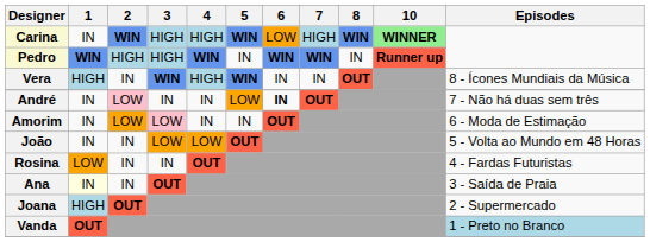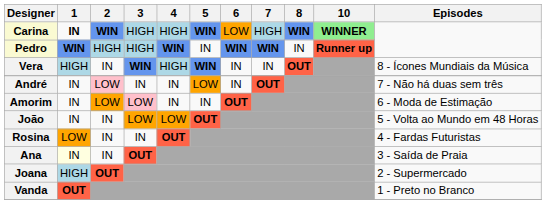 <table class="wikitable" style="text-align:center">
 <tr>
 <th>Designer</th>
 <th>1</th>
 <th>2</th>
 <th>3</th>
 <th>4</th>
 <th>5</th>
 <th>6</th>
 <th>7</th>
 <th>8 </th>
 <th>10</th>
 <th>Episodes</th>
 </tr>
 <tr>
 <th style="background:#FAFAD2;"><strong>Carina</strong></th>
-<td>IN</td>
+<td><strong>IN</strong></td>
 <td bgcolor="cornflowerblue"><strong>WIN</strong></td>
 <td bgcolor="lightblue">HIGH</td>
 <td bgcolor="lightblue">HIGH</td>
 <td bgcolor="cornflowerblue"><strong>WIN</strong></td>
 <td bgcolor="orange">LOW</td>
 <td bgcolor="lightblue">HIGH</td>
 <td bgcolor="cornflowerblue"><strong>WIN</strong></td>
 <td style="background:lightgreen;"><strong>WINNER</strong></td>
 <td style="text-align:left" rowspan="2"></td>
 </tr>
 <tr>
 <th style="background:#FAFAD2;"><strong>Pedro</strong></th>
 <td bgcolor="cornflowerblue"><strong>WIN</strong></td>
 <td bgcolor="lightblue">HIGH</td>
 <td style="background:lightblue;">HIGH</td>
 <td bgcolor="cornflowerblue"><strong>WIN</strong></td>
 <td>IN</td>
 <td bgcolor="cornflowerblue"><strong>WIN</strong></td>
 <td bgcolor="cornflowerblue"><strong>WIN</strong></td>
 <td>IN</td>
 <td bgcolor="tomato"><strong>Runner up</strong></td>
 </tr>
 <tr>
 <th><strong>Vera</strong></th>
 <td bgcolor="lightblue">HIGH</td>
 <td>IN</td>
 <td bgcolor="cornflowerblue"><strong>WIN</strong></td>
 <td bgcolor="lightblue">HIGH</td>
 <td bgcolor="cornflowerblue"><strong>WIN</strong></td>
 <td>IN</td>
 <td>IN</td>
 <td bgcolor="tomato"><strong>OUT</strong></td>
 <td COLSPAN=1 style="background:darkgray;"></td>
 <td style="text-align:left">8 - Ícones Mundiais da Música</td>
 </tr>
 <tr || ||>
 </tr>
 <tr>
 <th><strong>André</strong></th>
 <td>IN</td>
 <td style="background:pink;">LOW</td>
 <td>IN</td>
 <td>IN</td>
 <td bgcolor="orange">LOW</td>
-<td><strong>IN</strong></td>
+<td>IN</td>
 <td bgcolor="tomato"><strong>OUT</strong></td>
 <td COLSPAN=2 style="background:darkgray;"></td>
 <td style="text-align:left">7 - Não há duas sem três</td>
 </tr>
 <tr>
 <th><strong>Amorim</strong></th>
 <td>IN</td>
 <td bgcolor="orange">LOW</td>
 <td style="background:pink;">LOW</td>
 <td>IN</td>
 <td>IN</td>
 <td bgcolor="tomato"><strong>OUT</strong></td>
 <td COLSPAN=3 style="background:darkgray;"></td>
 <td style="text-align:left">6 - Moda de Estimação</td>
 </tr>
 <tr>
 <th><strong>João</strong></th>
 <td>IN</td>
 <td>IN</td>
 <td bgcolor="orange">LOW</td>
 <td style="background:orange;">LOW</td>
 <td bgcolor="tomato"><strong>OUT</strong></td>
 <td COLSPAN=4 style="background:darkgray;"></td>
 <td style="text-align:left">5 - Volta ao Mundo em 48 Horas</td>
 </tr>
 <tr>
 <th><strong>Rosina</strong></th>
 <td bgcolor="orange">LOW</td>
 <td>IN</td>
 <td>IN</td>
 <td bgcolor="tomato"><strong>OUT</strong></td>
 <td COLSPAN=5 style="background:darkgray;"></td>
 <td style="text-align:left">4 - Fardas Futuristas</td>
 </tr>
 <tr>
 <th><strong>Ana</strong></th>
 <td style="background: lightyellow;">IN</td>
 <td>IN</td>
 <td bgcolor="tomato"><strong>OUT</strong></td>
 <td COLSPAN=6 style="background:darkgray;"></td>
 <td style="text-align:left">3 - Saída de Praia</td>
 </tr>
 <tr>
 <th><strong>Joana</strong></th>
 <td bgcolor="lightblue">HIGH</td>
 <td bgcolor="tomato"><strong>OUT</strong></td>
 <td COLSPAN=7 style="background:darkgray;"></td>
 <td style="text-align:left">2 - Supermercado</td>
 </tr>
 <tr>
 <th><strong>Vanda</strong></th>
 <td bgcolor="tomato"><strong>OUT</strong></td>
 <td COLSPAN=8 style="background:darkgray;"></td>
-<td style="background: lightblue; text-align:left">1 - Preto no Branco</td>
+<td style="text-align:left">1 - Preto no Branco</td>
 </tr>
 <tr>
 </tr>
 </table>
